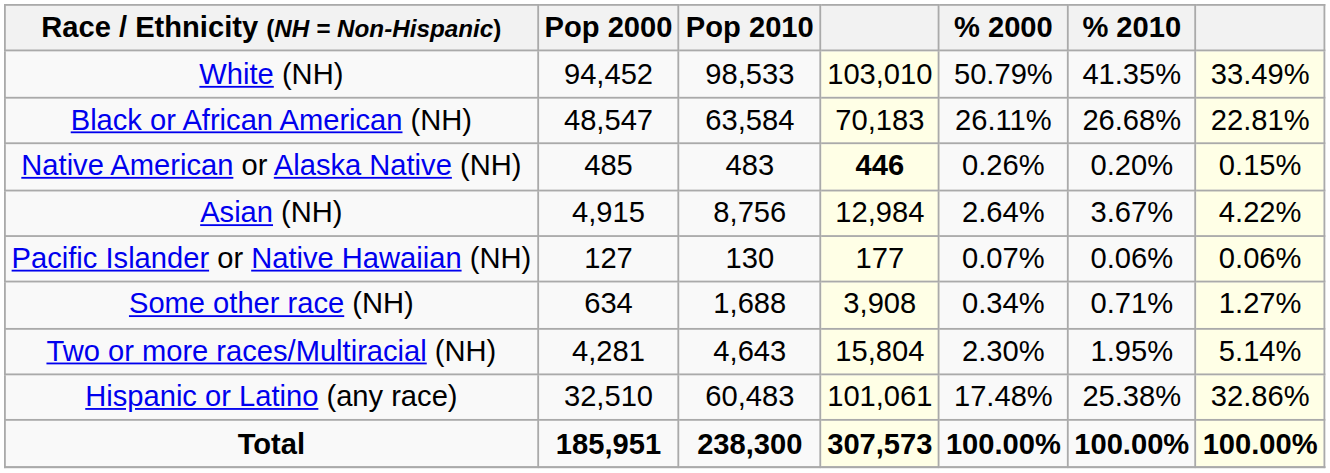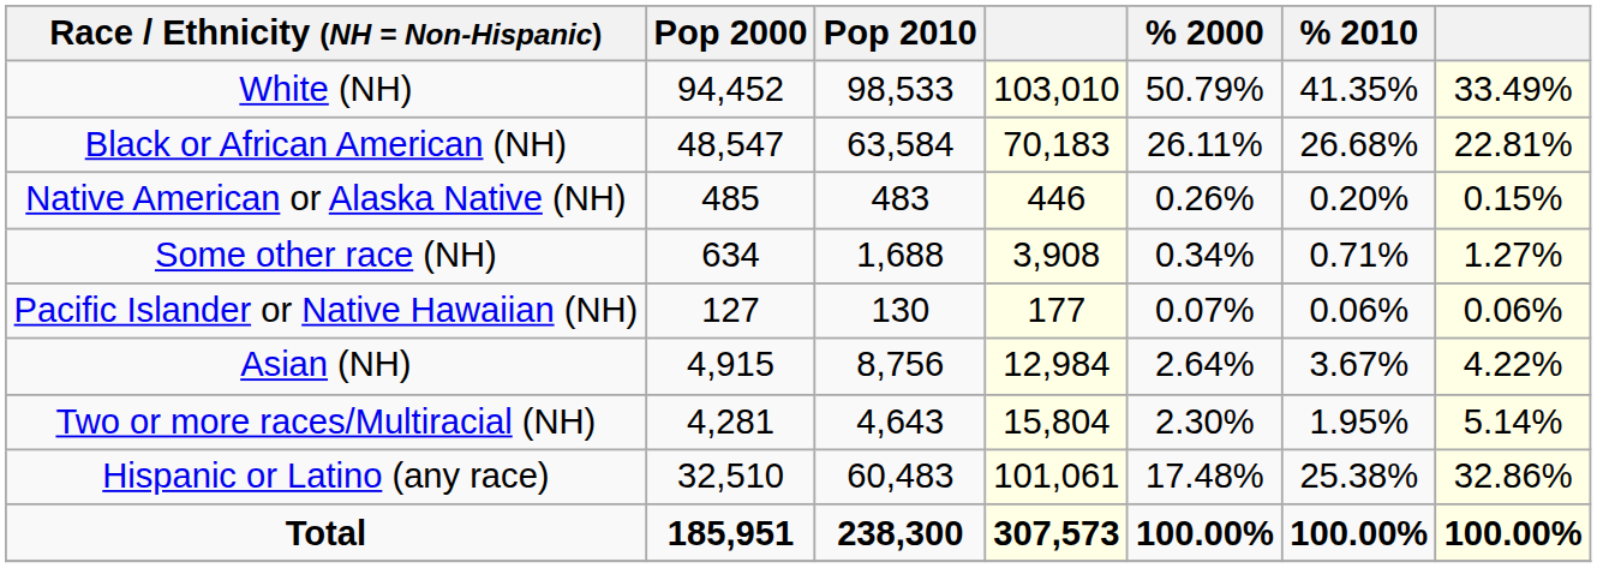 <table class="wikitable" style="text-align:center;">
 <tr>
 <th>Race / Ethnicity <small>(<em>NH = Non-Hispanic</em>)</small></th>
 <th>Pop 2000</th>
 <th>Pop 2010</th>
 <th></th>
 <th>% 2000</th>
 <th>% 2010</th>
 <th></th>
 </tr>
 <tr>
 <td><a href='#'>White</a> (NH)</td>
 <td>94,452</td>
 <td>98,533</td>
 <td style='background: #ffffe6;'>103,010</td>
 <td>50.79%</td>
 <td>41.35%</td>
 <td style='background: #ffffe6;'>33.49%</td>
 </tr>
 <tr>
 <td><a href='#'>Black or African American</a> (NH)</td>
 <td>48,547</td>
 <td>63,584</td>
 <td style='background: #ffffe6;'>70,183</td>
 <td>26.11%</td>
 <td>26.68%</td>
 <td style='background: #ffffe6;'>22.81%</td>
 </tr>
 <tr>
 <td><a href='#'>Native American</a> or <a href='#'>Alaska Native</a> (NH)</td>
 <td>485</td>
 <td>483</td>
-<td style='background: #ffffe6;'><strong>446</strong></td>
+<td style='background: #ffffe6;'>446</td>
 <td>0.26%</td>
 <td>0.20%</td>
 <td style='background: #ffffe6;'>0.15%</td>
 </tr>
 <tr>
-<td><a href='#'>Asian</a> (NH)</td>
-<td>4,915</td>
-<td>8,756</td>
-<td style='background: #ffffe6;'>12,984</td>
-<td>2.64%</td>
-<td>3.67%</td>
-<td style='background: #ffffe6;'>4.22%</td>
+<td><a href='#'>Some other race</a> (NH)</td>
+<td>634</td>
+<td>1,688</td>
+<td style='background: #ffffe6;'>3,908</td>
+<td>0.34%</td>
+<td>0.71%</td>
+<td style='background: #ffffe6;'>1.27%</td>
 </tr>
 <tr>
 <td><a href='#'>Pacific Islander</a> or <a href='#'>Native Hawaiian</a> (NH)</td>
 <td>127</td>
 <td>130</td>
 <td style='background: #ffffe6;'>177</td>
 <td>0.07%</td>
 <td>0.06%</td>
 <td style='background: #ffffe6;'>0.06%</td>
 </tr>
 <tr>
-<td><a href='#'>Some other race</a> (NH)</td>
-<td>634</td>
-<td>1,688</td>
-<td style='background: #ffffe6;'>3,908</td>
-<td>0.34%</td>
-<td>0.71%</td>
-<td style='background: #ffffe6;'>1.27%</td>
+<td><a href='#'>Asian</a> (NH)</td>
+<td>4,915</td>
+<td>8,756</td>
+<td style='background: #ffffe6;'>12,984</td>
+<td>2.64%</td>
+<td>3.67%</td>
+<td style='background: #ffffe6;'>4.22%</td>
 </tr>
 <tr>
 <td><a href='#'>Two or more races/Multiracial</a> (NH)</td>
 <td>4,281</td>
 <td>4,643</td>
 <td style='background: #ffffe6;'>15,804</td>
 <td>2.30%</td>
 <td>1.95%</td>
 <td style='background: #ffffe6;'>5.14%</td>
 </tr>
 <tr>
 <td><a href='#'>Hispanic or Latino</a> (any race)</td>
 <td>32,510</td>
 <td>60,483</td>
 <td style='background: #ffffe6;'>101,061</td>
 <td>17.48%</td>
 <td>25.38%</td>
 <td style='background: #ffffe6;'>32.86%</td>
 </tr>
 <tr>
 <td><strong>Total</strong></td>
 <td><strong>185,951</strong></td>
 <td><strong>238,300</strong></td>
 <td style='background: #ffffe6;'><strong>307,573</strong></td>
 <td><strong>100.00%</strong></td>
 <td><strong>100.00%</strong></td>
 <td style='background: #ffffe6;'><strong>100.00%</strong></td>
 </tr>
 <tr>
 </tr>
 </table>
